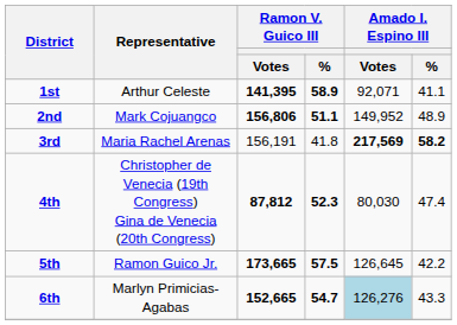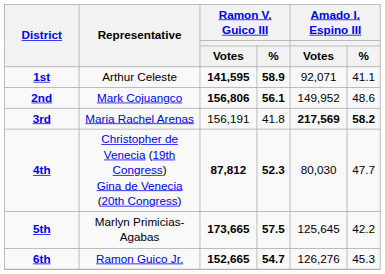 <table class="wikitable collapsible collapsed" style="text-align:right; font-size:95%; line-height:20px;">
 <tr>
 <th rowspan="3" width="90"><a href='#'>District</a></th>
 <th rowspan="3" width="150">Representative</th>
 <th colspan="2" width="110"><a href='#'>Ramon V. Guico III</a></th>
 <th colspan="2" width="110"><a href='#'>Amado I. Espino III</a></th>
 </tr>
 <tr>
 <th colspan="2" style="background:"></th>
 <th colspan="2" style="background:"></th>
 </tr>
 <tr>
 <th>Votes</th>
 <th>%</th>
 <th>Votes</th>
 <th>%</th>
 </tr>
 <tr align="center">
 <td scope="row"><strong><a href='#'>1st</a></strong></td>
 <td>Arthur Celeste</td>
-<td style="background:"><strong>141,395</strong></td>
+<td style="background:"><strong>141,595</strong></td>
 <td style="background:"><strong>58.9</strong></td>
 <td>92,071</td>
 <td>41.1</td>
 </tr>
 <tr align="center">
 <td scope="row"><strong><a href='#'>2nd</a></strong></td>
 <td><a href='#'>Mark Cojuangco</a></td>
 <td style="background:"><strong>156,806</strong></td>
-<td style="background:"><strong>51.1</strong></td>
+<td style="background:"><strong>56.1</strong></td>
 <td>149,952</td>
-<td>48.9</td>
+<td>48.6</td>
 </tr>
 <tr align="center">
 <td scope="row"><strong><a href='#'>3rd</a></strong></td>
 <td><a href='#'>Maria Rachel Arenas</a></td>
 <td>156,191</td>
 <td>41.8</td>
 <td style="background:"><strong>217,569</strong></td>
 <td style="background:"><strong>58.2</strong></td>
 </tr>
 <tr align="center">
 <td><strong><a href='#'>4th</a></strong></td>
 <td><a href='#'>Christopher de Venecia</a> (<a href='#'>19th Congress</a>)<br><a href='#'>Gina de Venecia</a> (<a href='#'>20th Congress</a>)</td>
 <td style="background:"><strong>87,812</strong></td>
 <td style="background:"><strong>52.3</strong></td>
 <td>80,030</td>
-<td>47.4</td>
+<td>47.7</td>
 </tr>
 <tr align="center">
 <td scope="row"><strong><a href='#'>5th</a></strong></td>
-<td><a href='#'>Ramon Guico Jr.</a></td>
+<td>Marlyn Primicias-Agabas</td>
 <td style="background:"><strong>173,665</strong></td>
 <td style="background:"><strong>57.5</strong></td>
-<td>126,645</td>
+<td>125,645</td>
 <td>42.2</td>
 </tr>
 <tr align="center">
 <td scope="row"><strong><a href='#'>6th</a></strong></td>
-<td>Marlyn Primicias-Agabas</td>
+<td><a href='#'>Ramon Guico Jr.</a></td>
 <td style="background:"><strong>152,665</strong></td>
 <td style="background:"><strong>54.7</strong></td>
-<td style="background: lightblue;">126,276</td>
-<td>43.3</td>
+<td>126,276</td>
+<td>45.3</td>
 </tr>
 <tr>
 </tr>
 </table>
